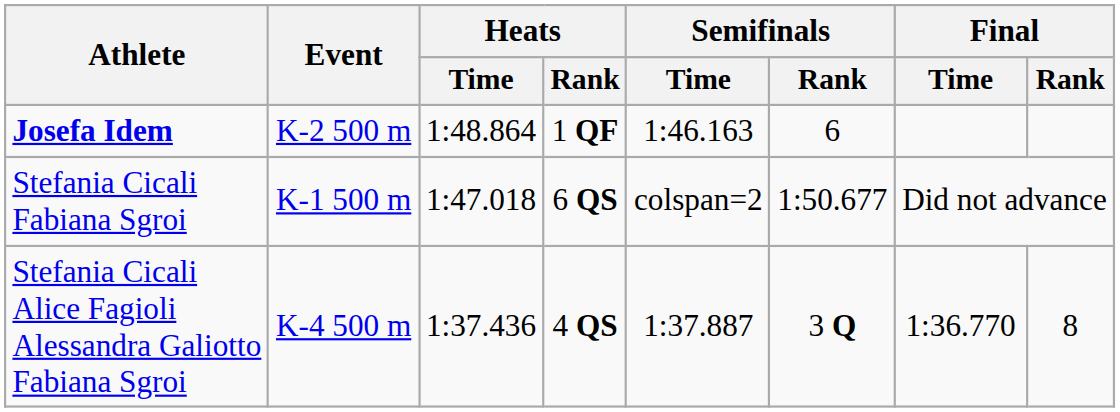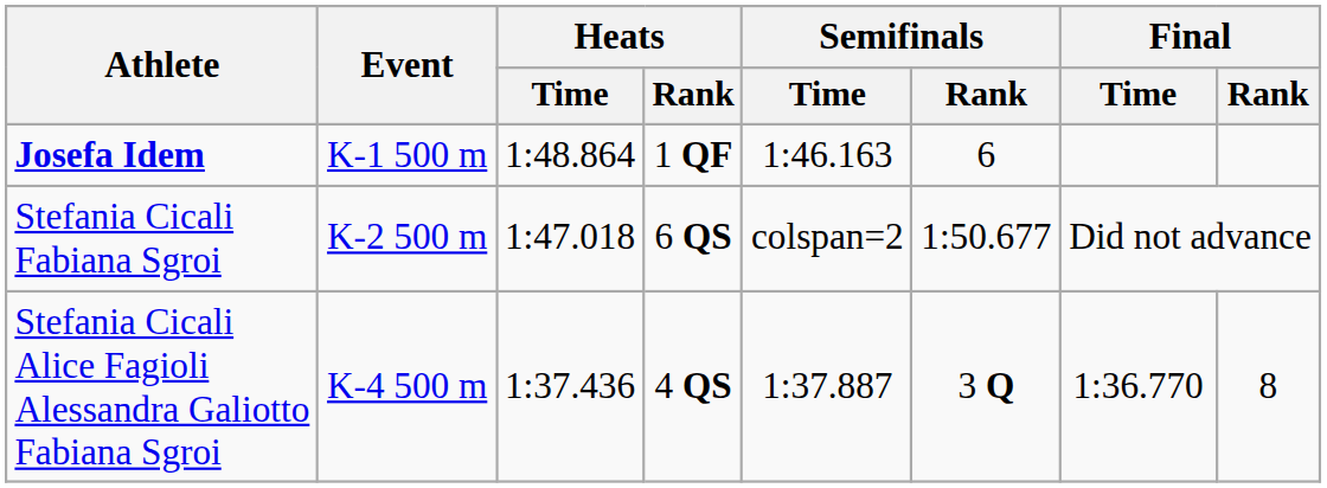 <table class="wikitable" style="font-size:90%">
 <tr>
 <th rowspan=2>Athlete</th>
 <th rowspan=2>Event</th>
 <th colspan=2>Heats</th>
 <th colspan=2>Semifinals</th>
 <th colspan=2>Final</th>
 </tr>
 <tr style="font-size:95%">
 <th>Time</th>
 <th>Rank</th>
 <th>Time</th>
 <th>Rank</th>
 <th>Time</th>
 <th>Rank</th>
 </tr>
 <tr align=center>
 <td align=left><strong><a href='#'>Josefa Idem</a></strong></td>
-<td align=left><a href='#'>K-2 500 m</a></td>
+<td align=left><a href='#'>K-1 500 m</a></td>
 <td>1:48.864</td>
 <td>1 <strong>QF</strong></td>
 <td>1:46.163</td>
 <td>6</td>
 <td></td>
 </tr>
 <tr align=center>
 <td align=left><a href='#'>Stefania Cicali</a><br><a href='#'>Fabiana Sgroi</a></td>
-<td align=left><a href='#'>K-1 500 m</a></td>
+<td align=left><a href='#'>K-2 500 m</a></td>
 <td>1:47.018</td>
 <td>6 <strong>QS</strong></td>
 <td>colspan=2 </td>
 <td>1:50.677</td>
 <td colspan=2>Did not advance</td>
 </tr>
 <tr align=center>
 <td align=left><a href='#'>Stefania Cicali</a><br><a href='#'>Alice Fagioli</a><br><a href='#'>Alessandra Galiotto</a><br><a href='#'>Fabiana Sgroi</a></td>
 <td align=left><a href='#'>K-4 500 m</a></td>
 <td>1:37.436</td>
 <td>4 <strong>QS</strong></td>
 <td>1:37.887</td>
 <td>3 <strong>Q</strong></td>
 <td>1:36.770</td>
 <td>8</td>
 </tr>
 </table>
